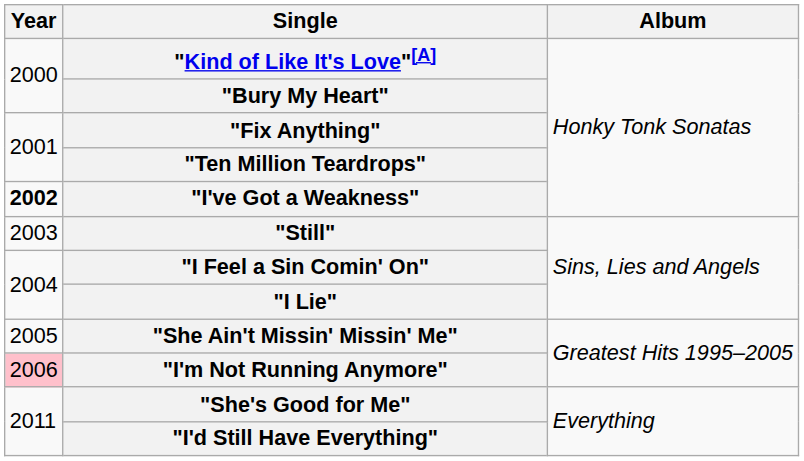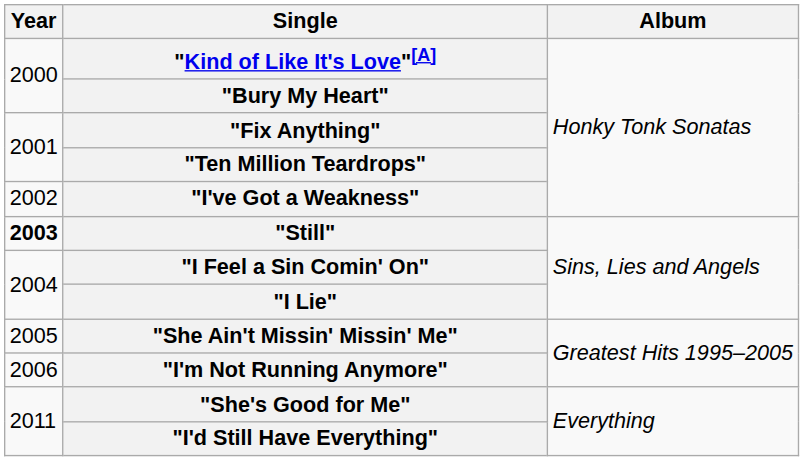 <table class="wikitable plainrowheaders">
 <tr>
 <th>Year</th>
 <th style="width:22em;">Single</th>
 <th>Album</th>
 </tr>
 <tr>
 <td rowspan="2">2000</td>
 <th scope="row">"<a href='#'>Kind of Like It's Love</a>"<sup><a href='#'><strong>[A]</strong></a></sup></th>
 <td rowspan="5"><em>Honky Tonk Sonatas</em></td>
 </tr>
 <tr>
 <th scope="row">"Bury My Heart"</th>
 </tr>
 <tr>
 <td rowspan="2">2001</td>
 <th scope="row">"Fix Anything"</th>
 </tr>
 <tr>
 <th scope="row">"Ten Million Teardrops"</th>
 </tr>
 <tr>
-<td><strong>2002</strong></td>
+<td>2002</td>
 <th scope="row">"I've Got a Weakness"</th>
 </tr>
 <tr>
-<td>2003</td>
+<td><strong>2003</strong></td>
 <th scope="row">"Still"</th>
 <td rowspan="3"><em>Sins, Lies and Angels</em></td>
 </tr>
 <tr>
 <td rowspan="2">2004</td>
 <th scope="row">"I Feel a Sin Comin' On"</th>
 </tr>
 <tr>
 <th scope="row">"I Lie"</th>
 </tr>
 <tr>
 <td>2005</td>
 <th scope="row">"She Ain't Missin' Missin' Me"</th>
 <td rowspan="2"><em>Greatest Hits 1995–2005</em></td>
 </tr>
 <tr>
-<td style="background: pink;">2006</td>
+<td>2006</td>
 <th scope="row">"I'm Not Running Anymore"</th>
 </tr>
 <tr>
 <td rowspan="2">2011</td>
 <th scope="row">"She's Good for Me"</th>
 <td rowspan="2"><em>Everything</em></td>
 </tr>
 <tr>
 <th scope="row">"I'd Still Have Everything"</th>
 </tr>
 </table>
